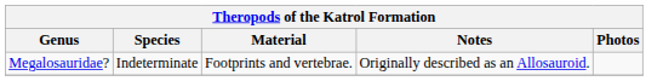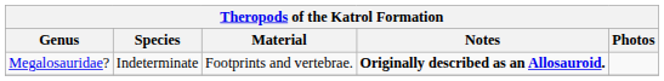 <table class="wikitable" align="center">
 <tr>
 <th colspan="5" align="center"><a href='#'>Theropods</a> of the Katrol Formation</th>
 </tr>
 <tr>
 <th>Genus</th>
 <th>Species</th>
 <th>Material</th>
 <th>Notes</th>
 <th>Photos</th>
 </tr>
 <tr>
 <td><a href='#'>Megalosauridae</a>?</td>
 <td>Indeterminate</td>
 <td>Footprints and vertebrae.</td>
-<td>Originally described as an <a href='#'>Allosauroid</a>.</td>
+<td><strong>Originally described as an <a href='#'>Allosauroid</a>.</strong></td>
 <td></td>
 </tr>
 <tr>
 </tr>
 </table>
